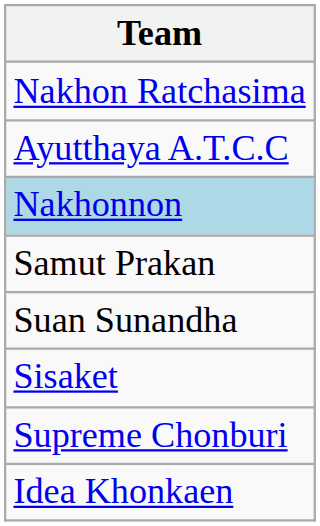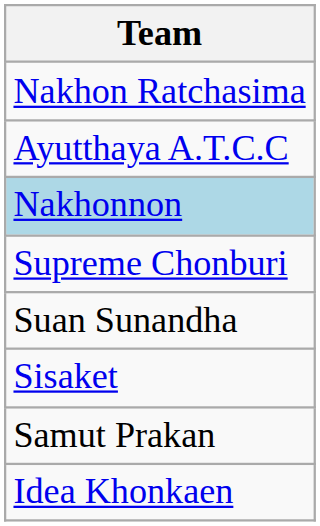 <table class="wikitable">
 <tr>
 <th>Team</th>
 </tr>
 <tr>
 <td><a href='#'>Nakhon Ratchasima</a></td>
 </tr>
 <tr>
 <td><a href='#'>Ayutthaya A.T.C.C</a></td>
 </tr>
 <tr>
 <td style="background: lightblue;"><a href='#'>Nakhonnon</a></td>
 </tr>
 <tr>
-<td>Samut Prakan</td>
+<td><a href='#'>Supreme Chonburi</a></td>
 </tr>
 <tr>
 <td>Suan Sunandha</td>
 </tr>
 <tr>
 <td><a href='#'>Sisaket</a></td>
 </tr>
 <tr>
-<td><a href='#'>Supreme Chonburi</a></td>
+<td>Samut Prakan</td>
 </tr>
 <tr>
 <td><a href='#'>Idea Khonkaen</a></td>
 </tr>
 </table>
